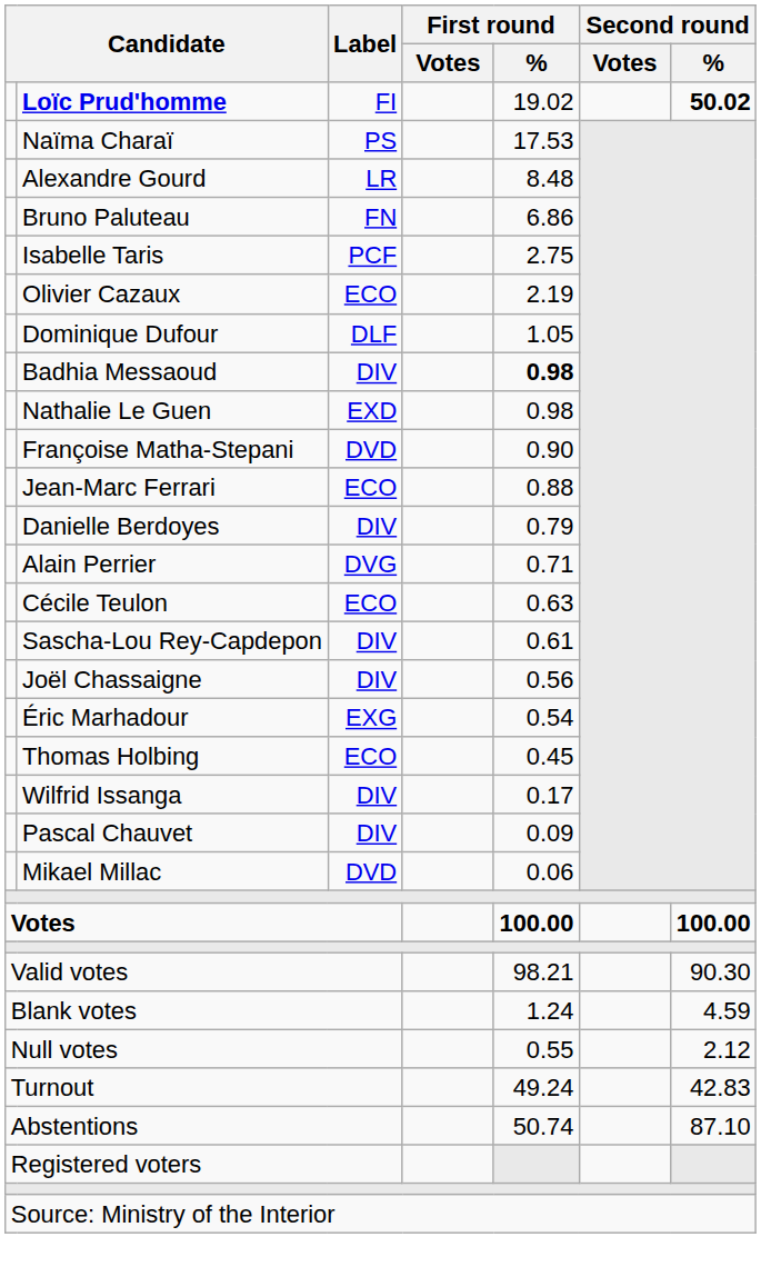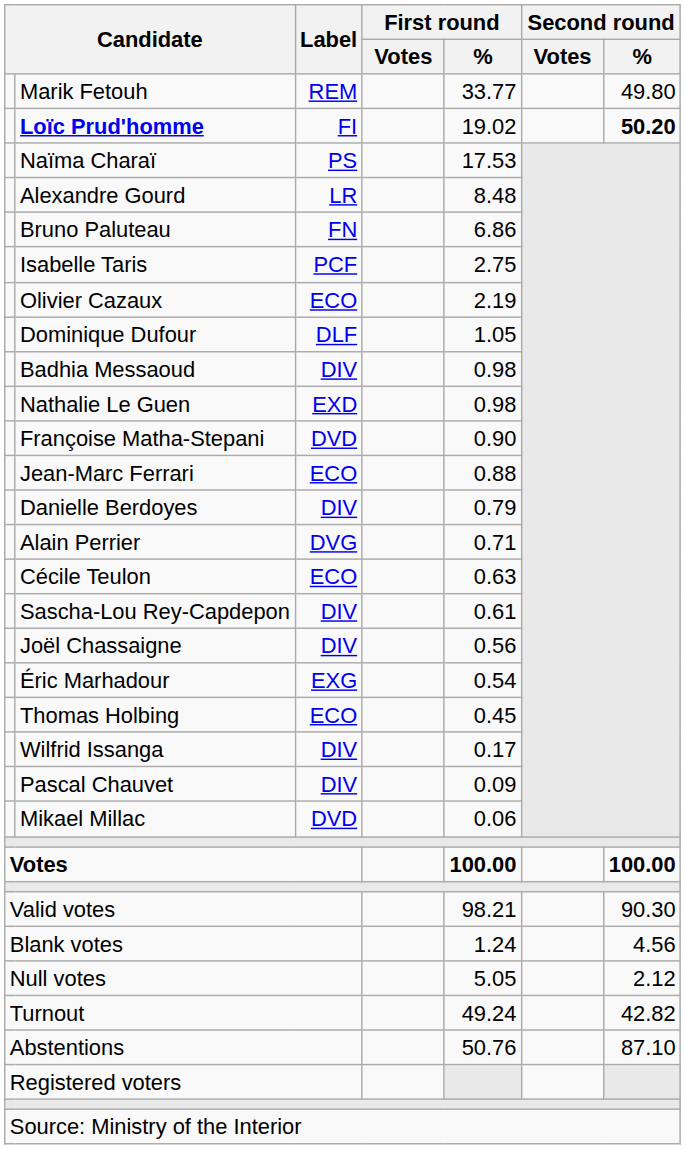 <table class="wikitable" style="text-align:right;font-size:95%;">
 <tr>
 <th rowspan="2" colspan="2">Candidate</th>
 <th rowspan="2">Label</th>
 <th colspan="2">First round</th>
 <th colspan="2">Second round</th>
 </tr>
 <tr>
 <th style="width:50px;">Votes</th>
 <th style="width:45px;">%</th>
 <th style="width:50px;">Votes</th>
 <th style="width:45px;">%</th>
 </tr>
 <tr>
 <td style="color:inherit;background:"></td>
+<td style="text-align:left;">Marik Fetouh</td>
+<td><a href='#'>REM</a></td>
+<td></td>
+<td>33.77</td>
+<td></td>
+<td>49.80</td>
+</tr>
+<tr>
+<td style="color:inherit;background:"></td>
 <td style="text-align:left;"><strong><a href='#'>Loïc Prud'homme</a></strong></td>
 <td><a href='#'>FI</a></td>
 <td></td>
 <td>19.02</td>
 <td><strong></strong></td>
-<td><strong>50.02</strong></td>
+<td><strong>50.20</strong></td>
 </tr>
 <tr>
 <td style="color:inherit;background:"></td>
 <td style="text-align:left;">Naïma Charaï</td>
 <td><a href='#'>PS</a></td>
 <td></td>
 <td>17.53</td>
 <td colspan="2" rowspan="20" style="background:#E9E9E9;"></td>
 </tr>
 <tr>
 <td style="color:inherit;background:"></td>
 <td style="text-align:left;">Alexandre Gourd</td>
 <td><a href='#'>LR</a></td>
 <td></td>
 <td>8.48</td>
 </tr>
 <tr>
 <td style="color:inherit;background:"></td>
 <td style="text-align:left;">Bruno Paluteau</td>
 <td><a href='#'>FN</a></td>
 <td></td>
 <td>6.86</td>
 </tr>
 <tr>
 <td style="color:inherit;background:"></td>
 <td style="text-align:left;">Isabelle Taris</td>
 <td><a href='#'>PCF</a></td>
 <td></td>
 <td>2.75</td>
 </tr>
 <tr>
 <td style="color:inherit;background:"></td>
 <td style="text-align:left;">Olivier Cazaux</td>
 <td><a href='#'>ECO</a></td>
 <td></td>
 <td>2.19</td>
 </tr>
 <tr>
 <td style="color:inherit;background:"></td>
 <td style="text-align:left;">Dominique Dufour</td>
 <td><a href='#'>DLF</a></td>
 <td></td>
 <td>1.05</td>
 </tr>
 <tr>
 <td style="color:inherit;background:"></td>
 <td style="text-align:left;">Badhia Messaoud</td>
 <td><a href='#'>DIV</a></td>
 <td></td>
-<td><strong>0.98</strong></td>
+<td>0.98</td>
 </tr>
 <tr>
 <td style="color:inherit;background:"></td>
 <td style="text-align:left;">Nathalie Le Guen</td>
 <td><a href='#'>EXD</a></td>
 <td></td>
 <td>0.98</td>
 </tr>
 <tr>
 <td style="color:inherit;background:"></td>
 <td style="text-align:left;">Françoise Matha-Stepani</td>
 <td><a href='#'>DVD</a></td>
 <td></td>
 <td>0.90</td>
 </tr>
 <tr>
 <td style="color:inherit;background:"></td>
 <td style="text-align:left;">Jean-Marc Ferrari</td>
 <td><a href='#'>ECO</a></td>
 <td></td>
 <td>0.88</td>
 </tr>
 <tr>
 <td style="color:inherit;background:"></td>
 <td style="text-align:left;">Danielle Berdoyes</td>
 <td><a href='#'>DIV</a></td>
 <td></td>
 <td>0.79</td>
 </tr>
 <tr>
 <td style="color:inherit;background:"></td>
 <td style="text-align:left;">Alain Perrier</td>
 <td><a href='#'>DVG</a></td>
 <td></td>
 <td>0.71</td>
 </tr>
 <tr>
 <td style="color:inherit;background:"></td>
 <td style="text-align:left;">Cécile Teulon</td>
 <td><a href='#'>ECO</a></td>
 <td></td>
 <td>0.63</td>
 </tr>
 <tr>
 <td style="color:inherit;background:"></td>
 <td style="text-align:left;">Sascha-Lou Rey-Capdepon</td>
 <td><a href='#'>DIV</a></td>
 <td></td>
 <td>0.61</td>
 </tr>
 <tr>
 <td style="color:inherit;background:"></td>
 <td style="text-align:left;">Joël Chassaigne</td>
 <td><a href='#'>DIV</a></td>
 <td></td>
 <td>0.56</td>
 </tr>
 <tr>
 <td style="color:inherit;background:"></td>
 <td style="text-align:left;">Éric Marhadour</td>
 <td><a href='#'>EXG</a></td>
 <td></td>
 <td>0.54</td>
 </tr>
 <tr>
 <td style="color:inherit;background:"></td>
 <td style="text-align:left;">Thomas Holbing</td>
 <td><a href='#'>ECO</a></td>
 <td></td>
 <td>0.45</td>
 </tr>
 <tr>
 <td style="color:inherit;background:"></td>
 <td style="text-align:left;">Wilfrid Issanga</td>
 <td><a href='#'>DIV</a></td>
 <td></td>
 <td>0.17</td>
 </tr>
 <tr>
 <td style="color:inherit;background:"></td>
 <td style="text-align:left;">Pascal Chauvet</td>
 <td><a href='#'>DIV</a></td>
 <td></td>
 <td>0.09</td>
 </tr>
 <tr>
 <td style="color:inherit;background:"></td>
 <td style="text-align:left;">Mikael Millac</td>
 <td><a href='#'>DVD</a></td>
 <td></td>
 <td>0.06</td>
 </tr>
 <tr>
 <td colspan="7" style="background:#E9E9E9;"></td>
 </tr>
 <tr style="font-weight:bold;">
 <td colspan="3" style="text-align:left;">Votes</td>
 <td></td>
 <td>100.00</td>
 <td></td>
 <td>100.00</td>
 </tr>
 <tr>
 <td colspan="7" style="background:#E9E9E9;"></td>
 </tr>
 <tr>
 <td colspan="3" style="text-align:left;">Valid votes</td>
 <td></td>
 <td>98.21</td>
 <td></td>
 <td>90.30</td>
 </tr>
 <tr>
 <td colspan="3" style="text-align:left;">Blank votes</td>
 <td></td>
 <td>1.24</td>
 <td></td>
-<td>4.59</td>
+<td>4.56</td>
 </tr>
 <tr>
 <td colspan="3" style="text-align:left;">Null votes</td>
 <td></td>
-<td>0.55</td>
+<td>5.05</td>
 <td></td>
 <td>2.12</td>
 </tr>
 <tr>
 <td colspan="3" style="text-align:left;">Turnout</td>
 <td></td>
 <td>49.24</td>
 <td></td>
-<td>42.83</td>
+<td>42.82</td>
 </tr>
 <tr>
 <td colspan="3" style="text-align:left;">Abstentions</td>
 <td></td>
-<td>50.74</td>
+<td>50.76</td>
 <td></td>
 <td>87.10</td>
 </tr>
 <tr>
 <td colspan="3" style="text-align:left;">Registered voters</td>
 <td></td>
 <td style="color:inherit;background:#E9E9E9;"></td>
 <td></td>
 <td style="color:inherit;background:#E9E9E9;"></td>
 </tr>
 <tr>
 <td colspan="7" style="background:#E9E9E9;"></td>
 </tr>
 <tr>
 <td colspan="7" style="text-align:left;">Source: Ministry of the Interior</td>
 </tr>
 </table>
